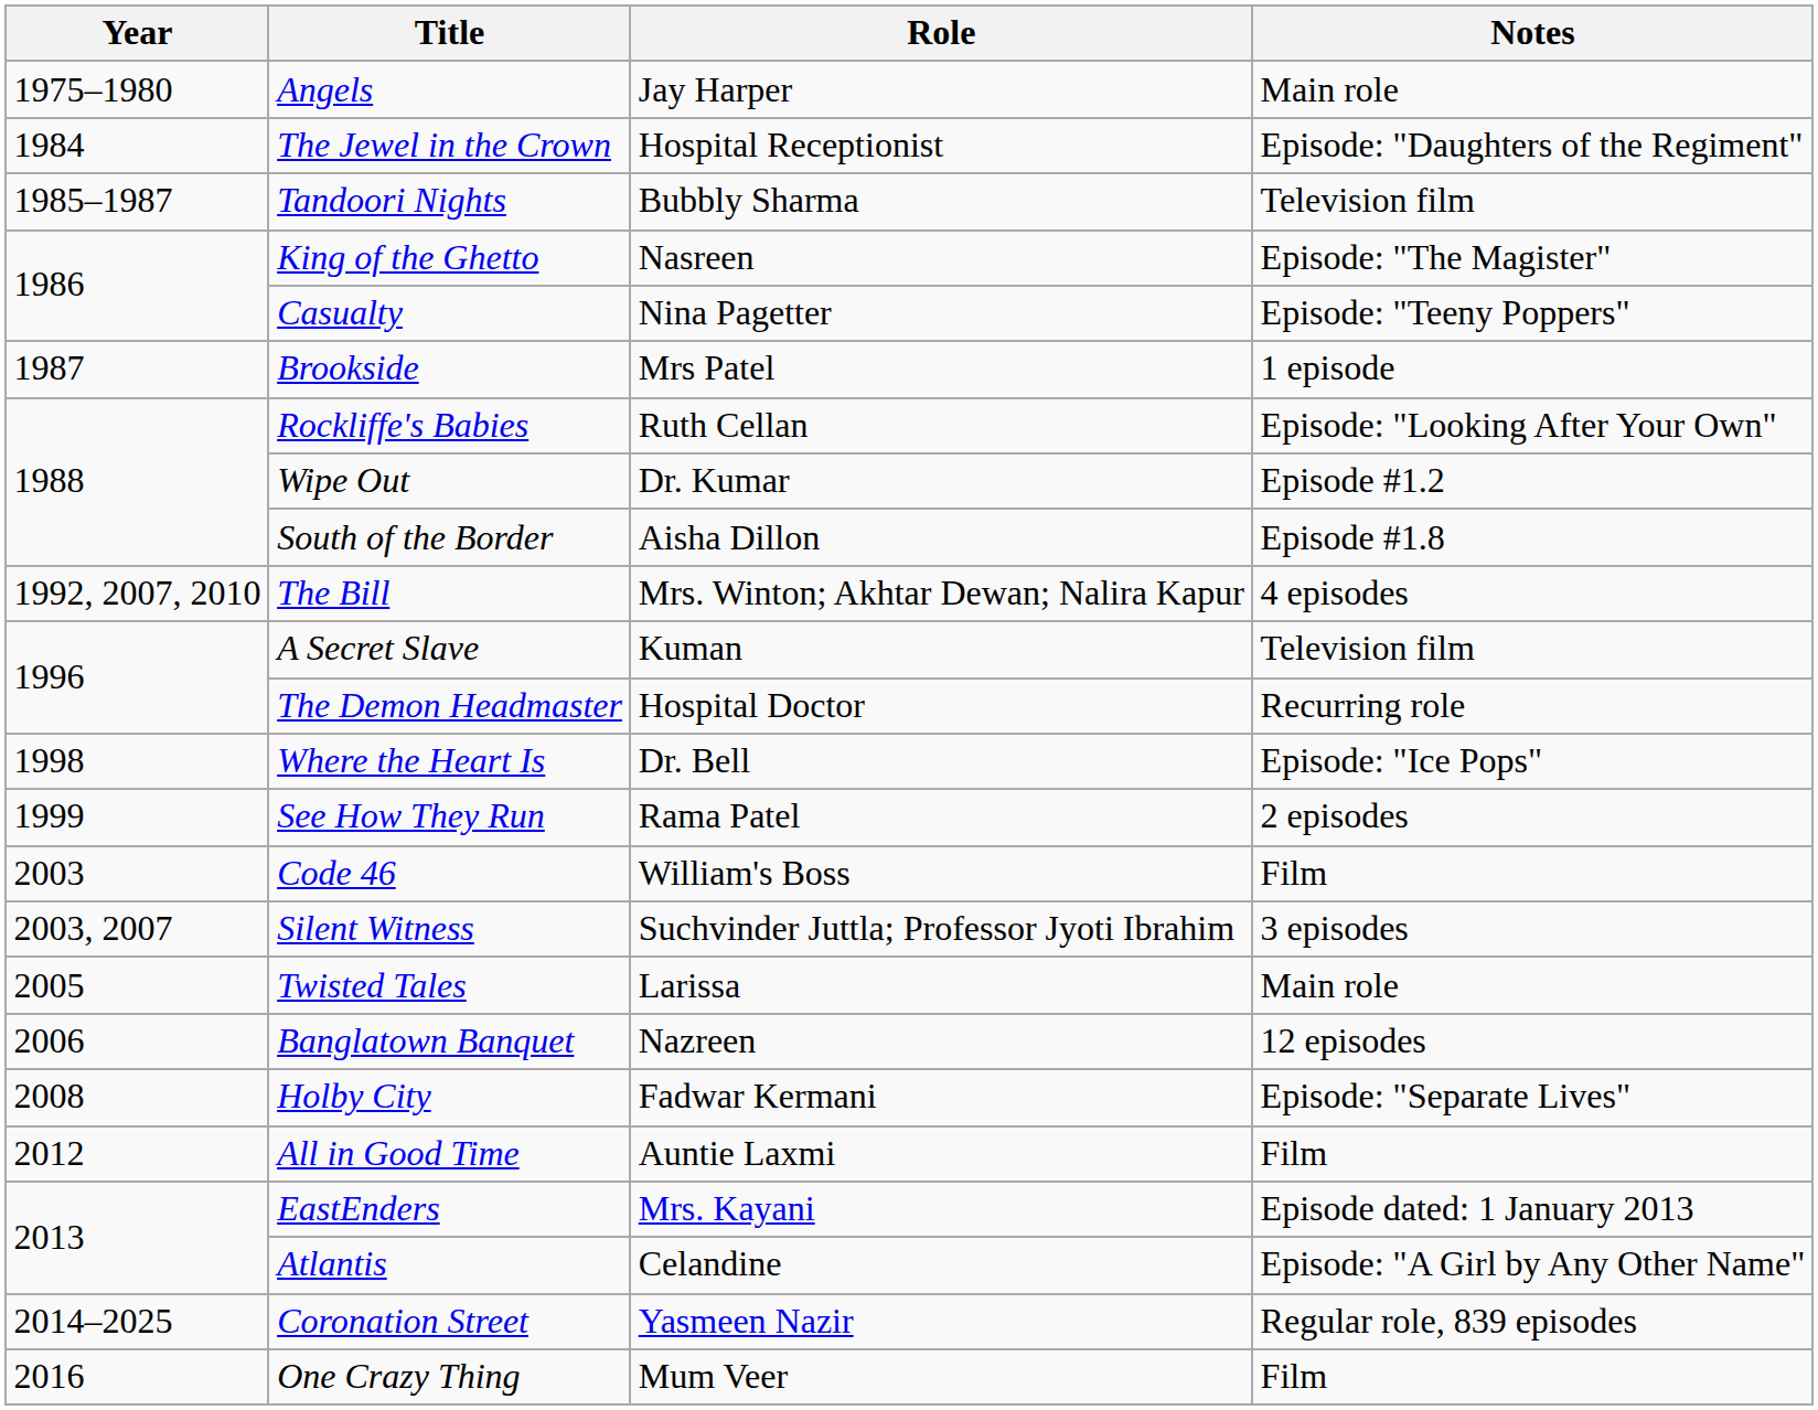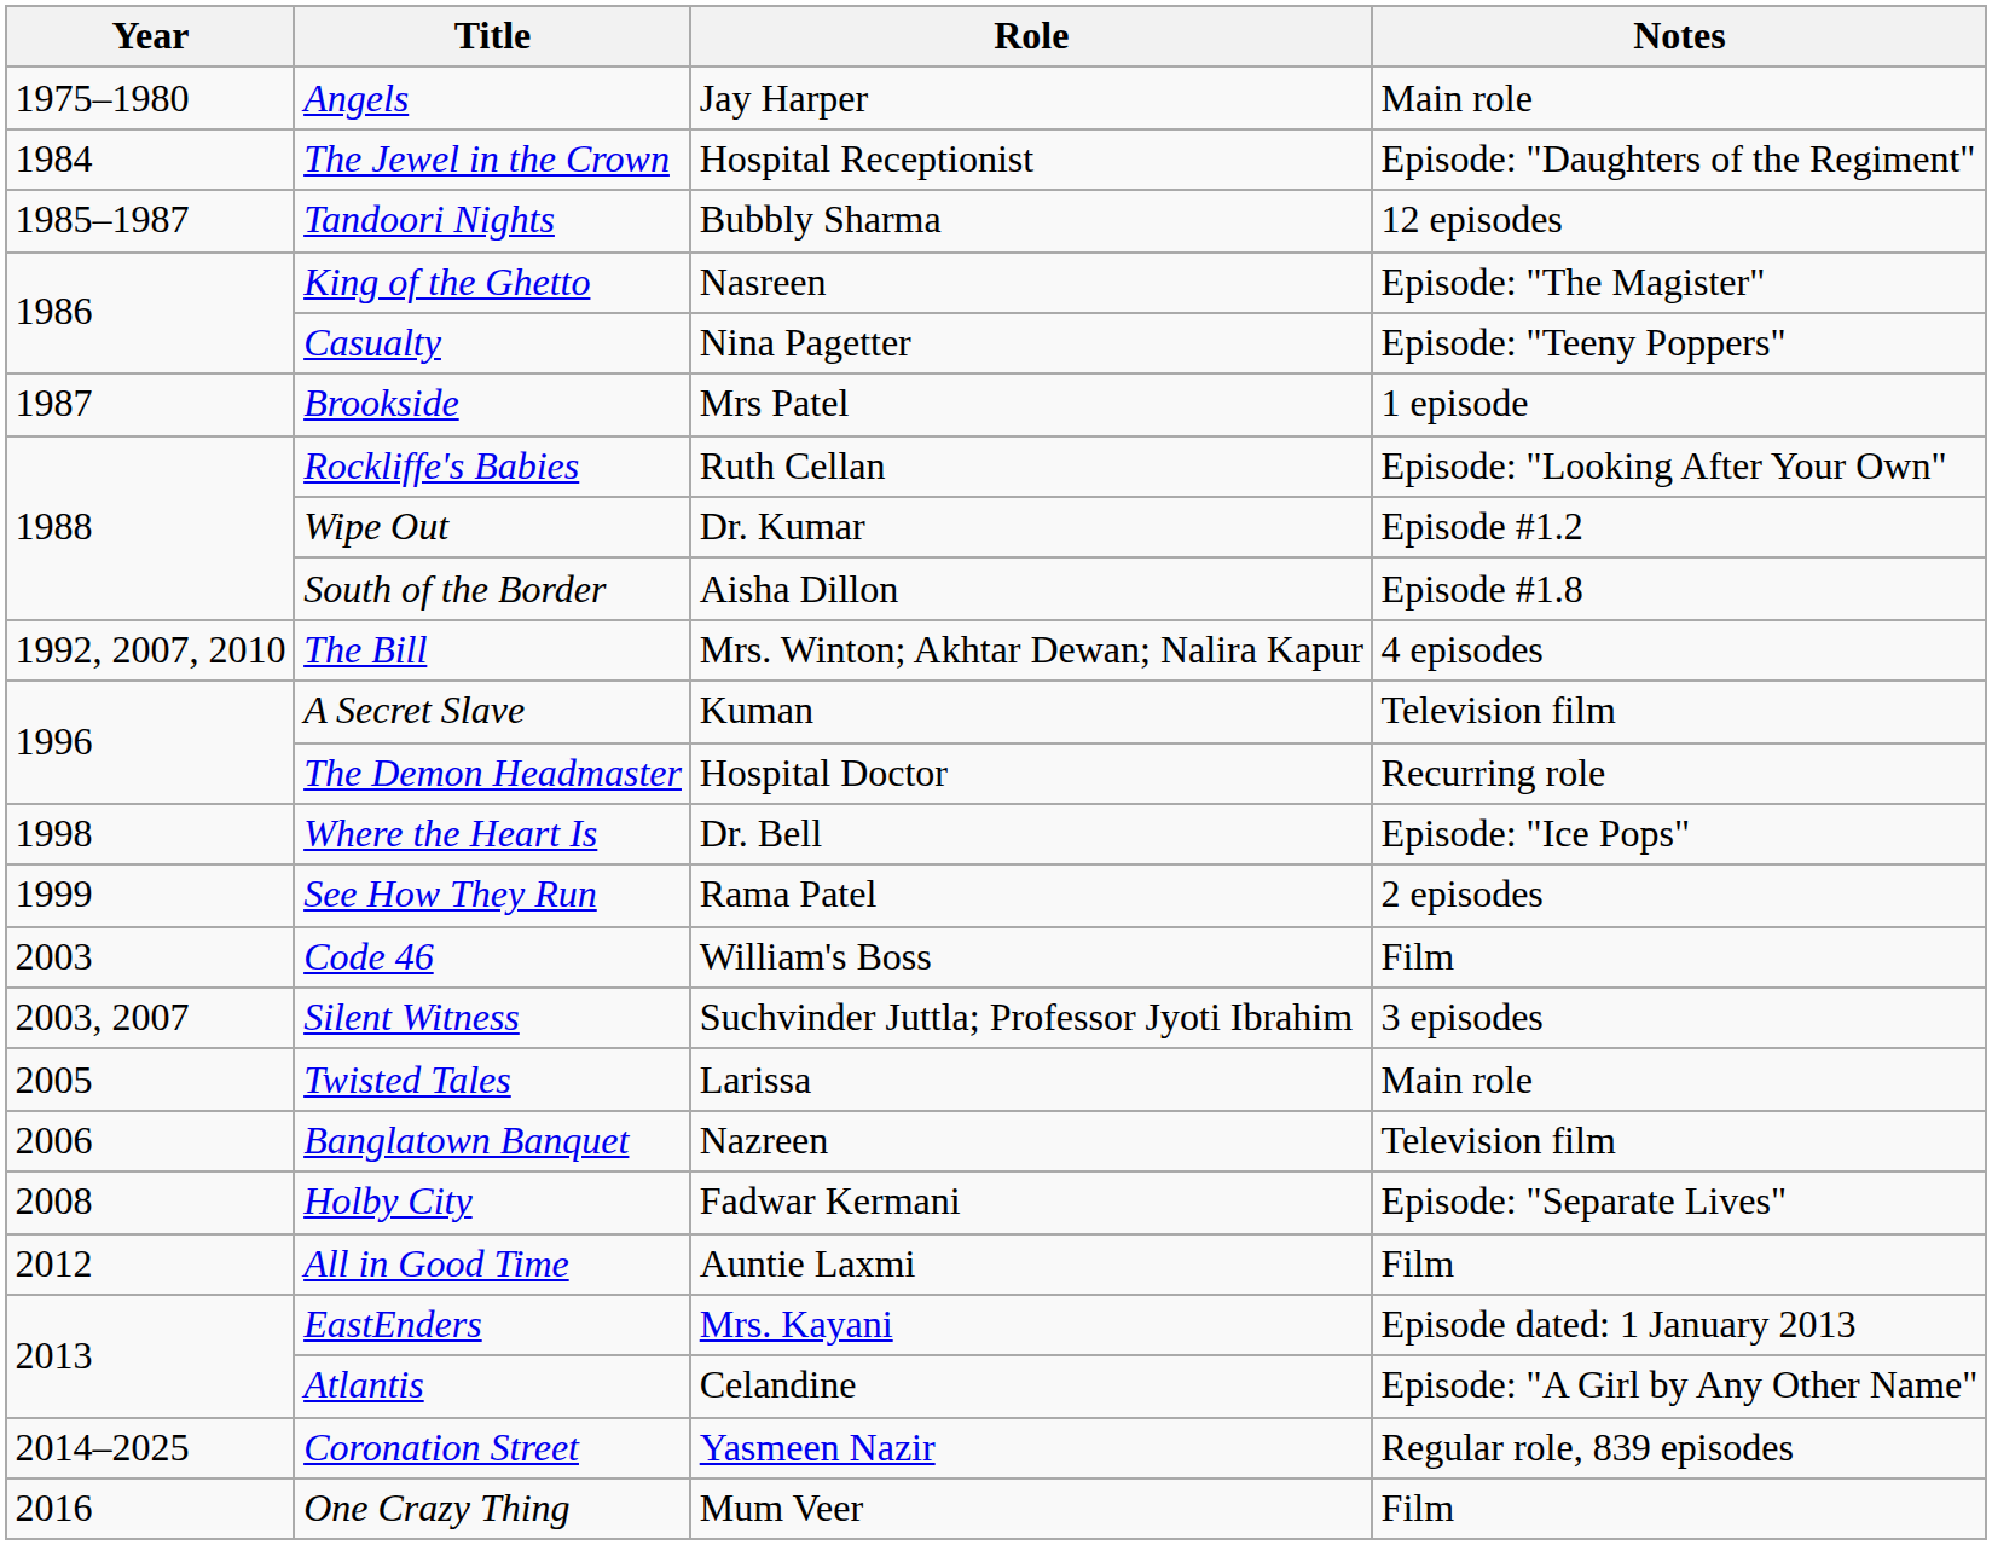 <table class="wikitable sortable">
 <tr>
 <th>Year</th>
 <th>Title</th>
 <th>Role</th>
 <th>Notes</th>
 </tr>
 <tr>
 <td>1975–1980</td>
 <td><em><a href='#'>Angels</a></em></td>
 <td>Jay Harper</td>
 <td>Main role</td>
 </tr>
 <tr>
 <td>1984</td>
 <td><em><a href='#'>The Jewel in the Crown</a></em></td>
 <td>Hospital Receptionist</td>
 <td>Episode: "Daughters of the Regiment"</td>
 </tr>
 <tr>
 <td>1985–1987</td>
 <td><em><a href='#'>Tandoori Nights</a></em></td>
 <td>Bubbly Sharma</td>
-<td>Television film</td>
+<td>12 episodes</td>
 </tr>
 <tr>
 <td rowspan="2">1986</td>
 <td><em><a href='#'>King of the Ghetto</a></em></td>
 <td>Nasreen</td>
 <td>Episode: "The Magister"</td>
 </tr>
 <tr>
 <td><em><a href='#'>Casualty</a></em></td>
 <td>Nina Pagetter</td>
 <td>Episode: "Teeny Poppers"</td>
 </tr>
 <tr>
 <td>1987</td>
 <td><em><a href='#'>Brookside</a></em></td>
 <td>Mrs Patel</td>
 <td>1 episode</td>
 </tr>
 <tr>
 <td rowspan="3">1988</td>
 <td><em><a href='#'>Rockliffe's Babies</a></em></td>
 <td>Ruth Cellan</td>
 <td>Episode: "Looking After Your Own"</td>
 </tr>
 <tr>
 <td><em>Wipe Out</em></td>
 <td>Dr. Kumar</td>
 <td>Episode #1.2</td>
 </tr>
 <tr>
 <td><em>South of the Border</em></td>
 <td>Aisha Dillon</td>
 <td>Episode #1.8</td>
 </tr>
 <tr>
 <td>1992, 2007, 2010</td>
 <td><em><a href='#'>The Bill</a></em></td>
 <td>Mrs. Winton; Akhtar Dewan; Nalira Kapur</td>
 <td>4 episodes</td>
 </tr>
 <tr>
 <td rowspan="2">1996</td>
 <td><em>A Secret Slave</em></td>
 <td>Kuman</td>
 <td>Television film</td>
 </tr>
 <tr>
 <td><em><a href='#'>The Demon Headmaster</a></em></td>
 <td>Hospital Doctor</td>
 <td>Recurring role</td>
 </tr>
 <tr>
 <td>1998</td>
 <td><em><a href='#'>Where the Heart Is</a></em></td>
 <td>Dr. Bell</td>
 <td>Episode: "Ice Pops"</td>
 </tr>
 <tr>
 <td>1999</td>
 <td><em><a href='#'>See How They Run</a></em></td>
 <td>Rama Patel</td>
 <td>2 episodes</td>
 </tr>
 <tr>
 <td>2003</td>
 <td><em><a href='#'>Code 46</a></em></td>
 <td>William's Boss</td>
 <td>Film</td>
 </tr>
 <tr>
 <td>2003, 2007</td>
 <td><em><a href='#'>Silent Witness</a></em></td>
 <td>Suchvinder Juttla; Professor Jyoti Ibrahim</td>
 <td>3 episodes</td>
 </tr>
 <tr>
 <td>2005</td>
 <td><em><a href='#'>Twisted Tales</a></em></td>
 <td>Larissa</td>
 <td>Main role</td>
 </tr>
 <tr>
 <td>2006</td>
 <td><em><a href='#'>Banglatown Banquet</a></em></td>
 <td>Nazreen</td>
-<td>12 episodes</td>
+<td>Television film</td>
 </tr>
 <tr>
 <td>2008</td>
 <td><em><a href='#'>Holby City</a></em></td>
 <td>Fadwar Kermani</td>
 <td>Episode: "Separate Lives"</td>
 </tr>
 <tr>
 <td>2012</td>
 <td><em><a href='#'>All in Good Time</a></em></td>
 <td>Auntie Laxmi</td>
 <td>Film</td>
 </tr>
 <tr>
 <td rowspan="2">2013</td>
 <td><em><a href='#'>EastEnders</a></em></td>
 <td><a href='#'>Mrs. Kayani</a></td>
 <td>Episode dated: 1 January 2013</td>
 </tr>
 <tr>
 <td><em><a href='#'>Atlantis</a></em></td>
 <td>Celandine</td>
 <td>Episode: "A Girl by Any Other Name"</td>
 </tr>
 <tr>
 <td>2014–2025</td>
 <td><em><a href='#'>Coronation Street</a></em></td>
 <td><a href='#'>Yasmeen Nazir</a></td>
 <td>Regular role, 839 episodes</td>
 </tr>
 <tr>
 <td>2016</td>
 <td><em>One Crazy Thing</em></td>
 <td>Mum Veer</td>
 <td>Film</td>
 </tr>
 </table>
